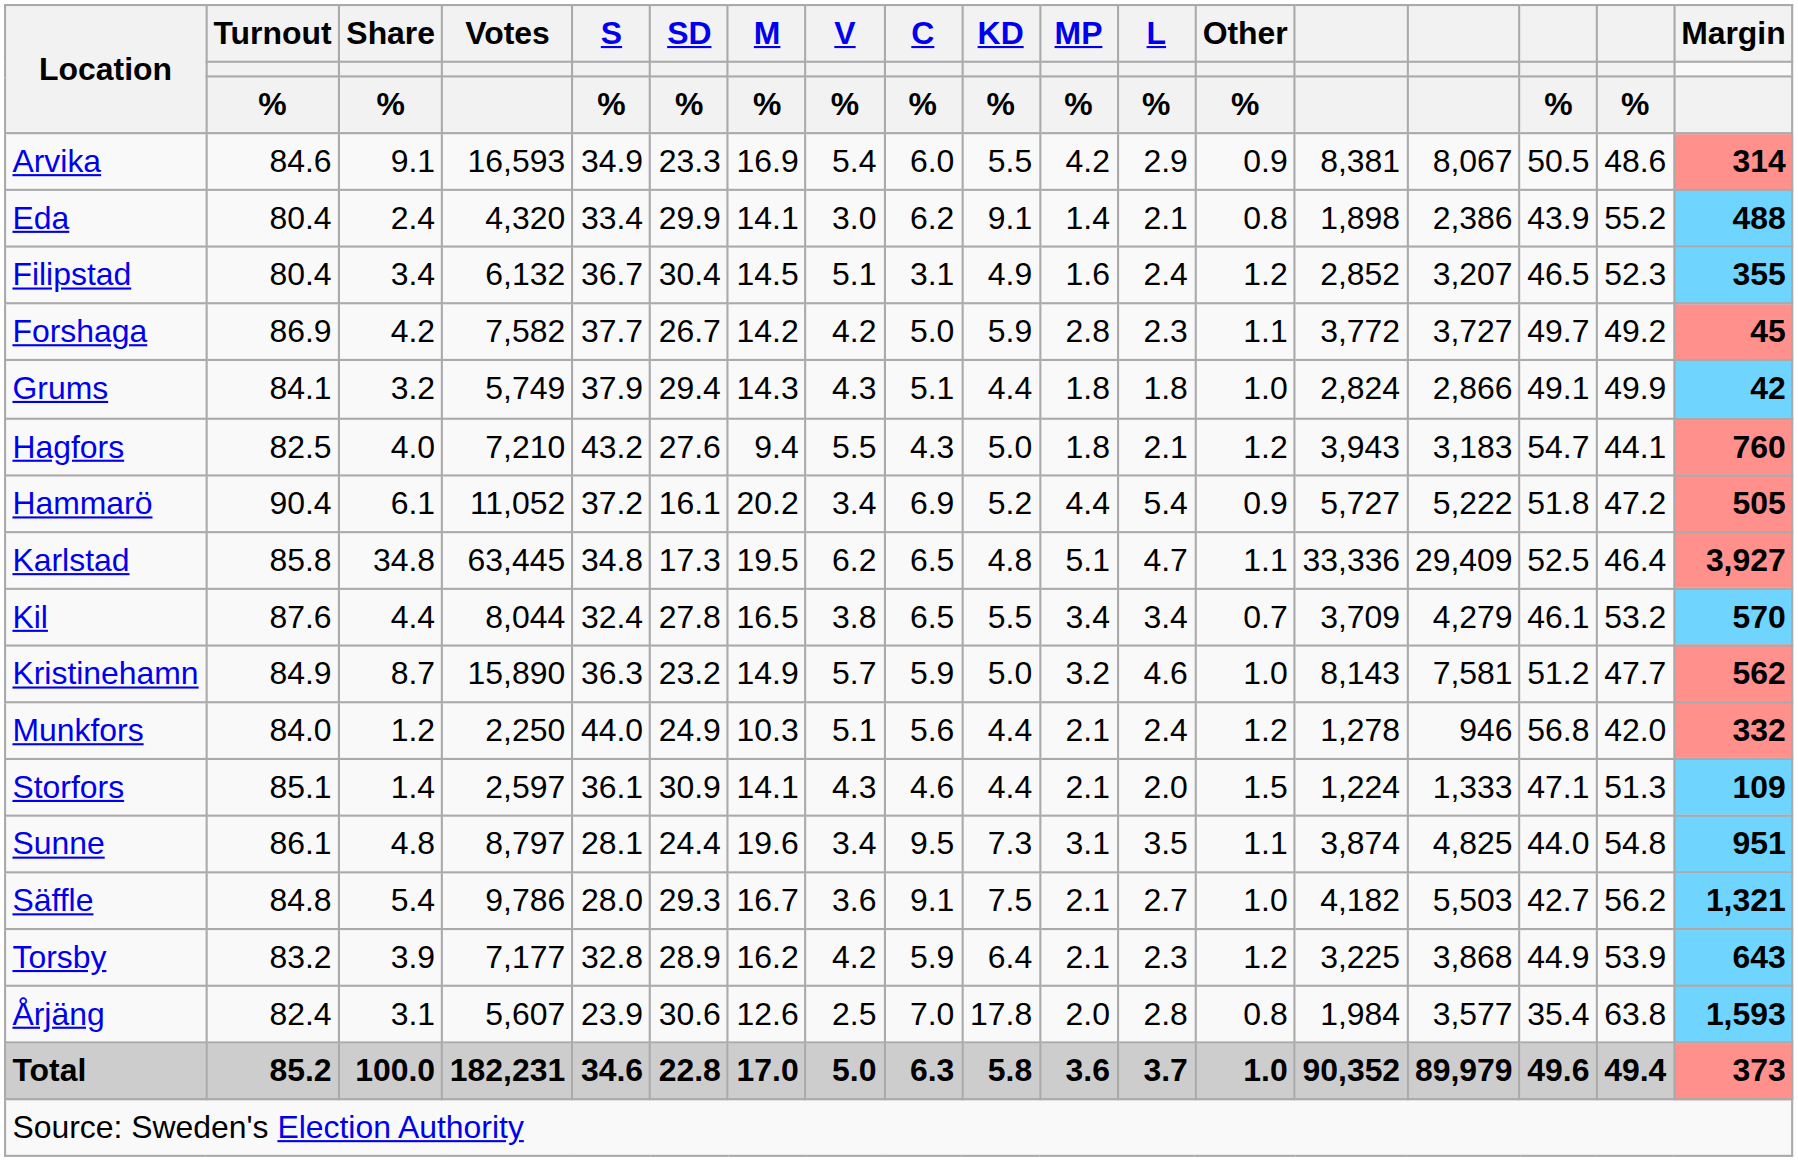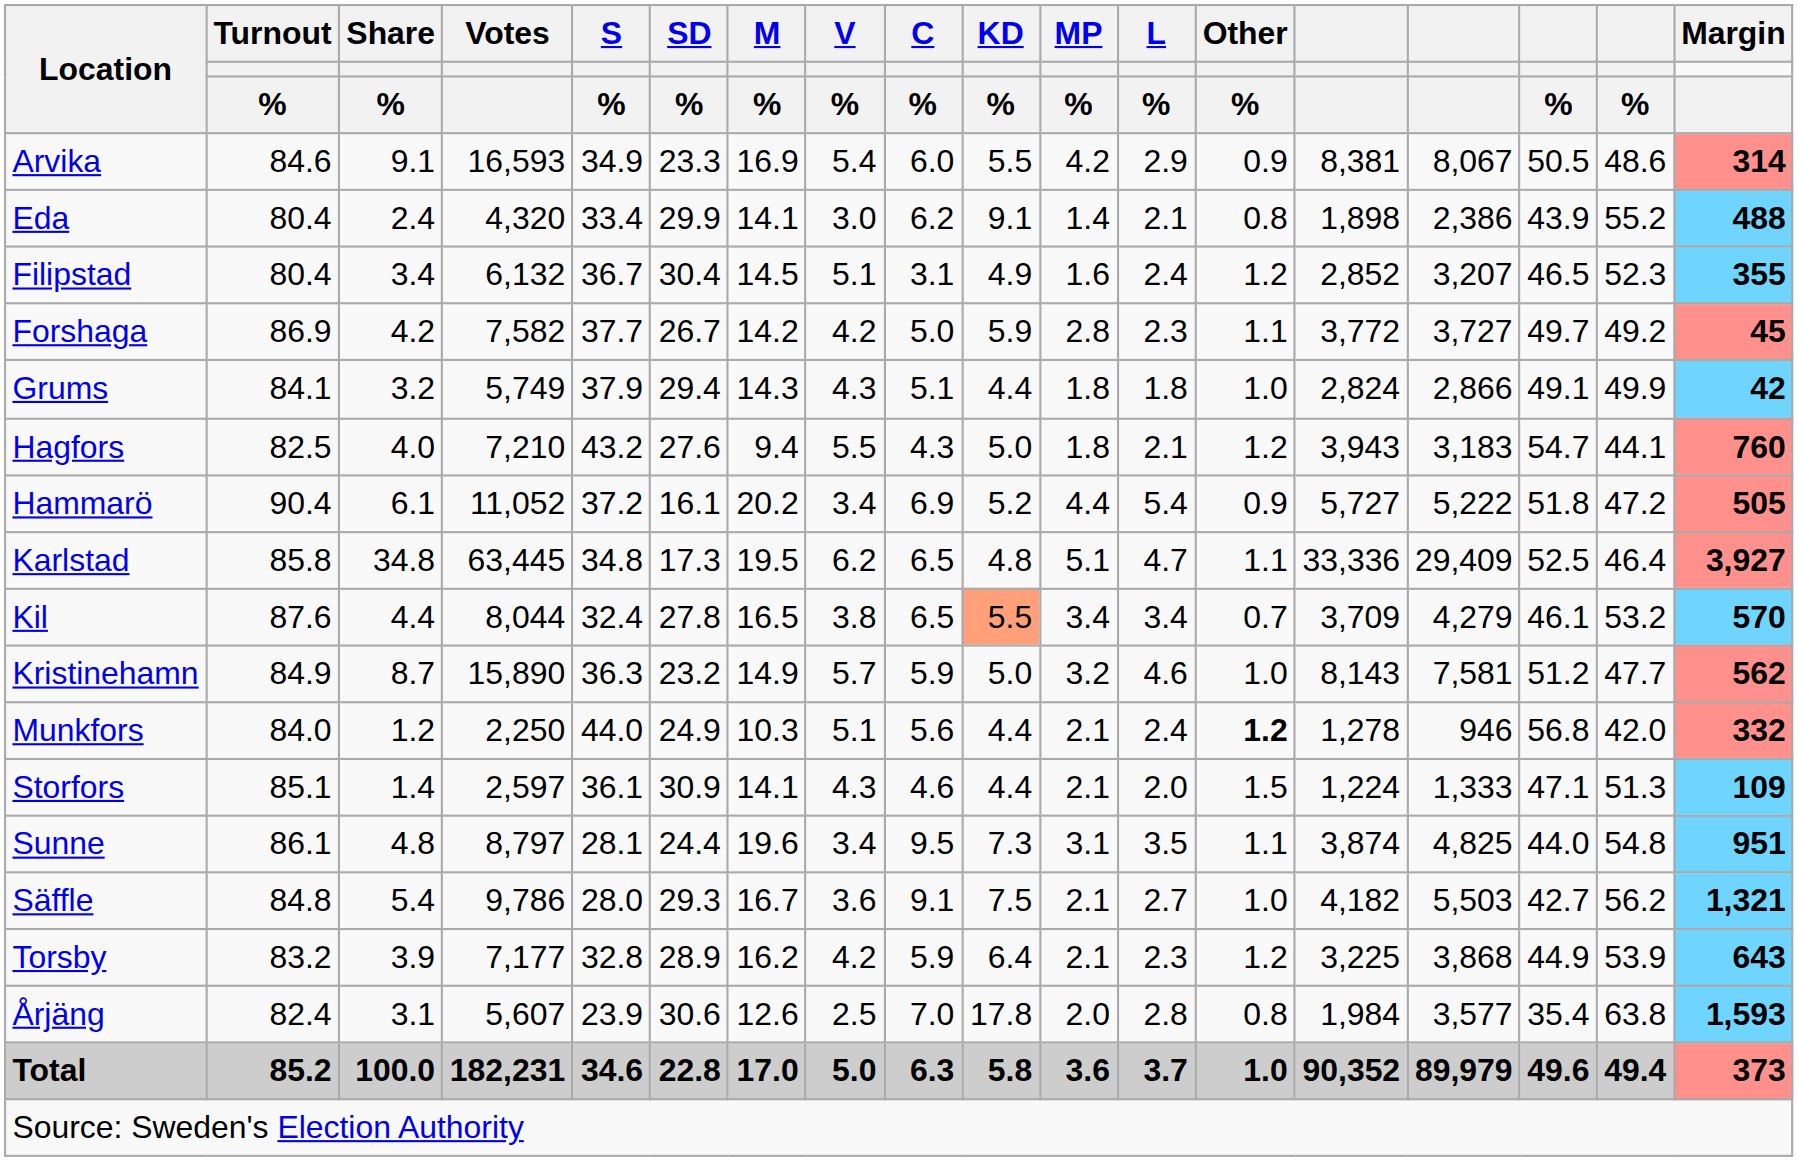 <table class="wikitable sortable" style="text-align:right; font-size:95%; line-height:20px;">
 <tr>
 <th rowspan="3">Location</th>
 <th>Turnout</th>
 <th>Share</th>
 <th>Votes</th>
 <th width="30px" class="unsortable"><a href='#'>S</a></th>
 <th width="30px" class="unsortable"><a href='#'>SD</a></th>
 <th width="30px" class="unsortable"><a href='#'>M</a></th>
 <th width="30px" class="unsortable"><a href='#'>V</a></th>
 <th width="30px" class="unsortable"><a href='#'>C</a></th>
 <th width="30px" class="unsortable"><a href='#'>KD</a></th>
 <th width="30px" class="unsortable"><a href='#'>MP</a></th>
 <th width="30px" class="unsortable"><a href='#'>L</a></th>
 <th width="30px" class="unsortable">Other</th>
 <th></th>
 <th></th>
 <th></th>
 <th></th>
 <th>Margin</th>
 </tr>
 <tr>
 <th></th>
 <th></th>
 <th></th>
 <th style="background:"></th>
 <th style="background:"></th>
 <th style="background:"></th>
 <th style="background:"></th>
 <th style="background:"></th>
 <th style="background:"></th>
 <th style="background:"></th>
 <th style="background:"></th>
 <th style="background:"></th>
 <th style="background:"></th>
 <th style="background:"></th>
 <th style="background:"></th>
 <th style="background:"></th>
 </tr>
 <tr>
 <th data-sort-type="number">%</th>
 <th data-sort-type="number">%</th>
 <th></th>
 <th data-sort-type="number">%</th>
 <th data-sort-type="number">%</th>
 <th data-sort-type="number">%</th>
 <th data-sort-type="number">%</th>
 <th data-sort-type="number">%</th>
 <th data-sort-type="number">%</th>
 <th data-sort-type="number">%</th>
 <th data-sort-type="number">%</th>
 <th data-sort-type="number">%</th>
 <th data-sort-type="number"></th>
 <th data-sort-type="number"></th>
 <th data-sort-type="number">%</th>
 <th data-sort-type="number">%</th>
 <th data-sort-type="number"></th>
 </tr>
 <tr>
 <td align="left"><a href='#'>Arvika</a></td>
 <td>84.6</td>
 <td>9.1</td>
 <td>16,593</td>
 <td>34.9</td>
 <td>23.3</td>
 <td>16.9</td>
 <td>5.4</td>
 <td>6.0</td>
 <td>5.5</td>
 <td>4.2</td>
 <td>2.9</td>
 <td>0.9</td>
 <td>8,381</td>
 <td>8,067</td>
 <td>50.5</td>
 <td>48.6</td>
 <td bgcolor=#ff908c><strong>314</strong></td>
 </tr>
 <tr>
 <td align="left"><a href='#'>Eda</a></td>
 <td>80.4</td>
 <td>2.4</td>
 <td>4,320</td>
 <td>33.4</td>
 <td>29.9</td>
 <td>14.1</td>
 <td>3.0</td>
 <td>6.2</td>
 <td>9.1</td>
 <td>1.4</td>
 <td>2.1</td>
 <td>0.8</td>
 <td>1,898</td>
 <td>2,386</td>
 <td>43.9</td>
 <td>55.2</td>
 <td bgcolor=#6fd5fe><strong>488</strong></td>
 </tr>
 <tr>
 <td align="left"><a href='#'>Filipstad</a></td>
 <td>80.4</td>
 <td>3.4</td>
 <td>6,132</td>
 <td>36.7</td>
 <td>30.4</td>
 <td>14.5</td>
 <td>5.1</td>
 <td>3.1</td>
 <td>4.9</td>
 <td>1.6</td>
 <td>2.4</td>
 <td>1.2</td>
 <td>2,852</td>
 <td>3,207</td>
 <td>46.5</td>
 <td>52.3</td>
 <td bgcolor=#6fd5fe><strong>355</strong></td>
 </tr>
 <tr>
 <td align="left"><a href='#'>Forshaga</a></td>
 <td>86.9</td>
 <td>4.2</td>
 <td>7,582</td>
 <td>37.7</td>
 <td>26.7</td>
 <td>14.2</td>
 <td>4.2</td>
 <td>5.0</td>
 <td>5.9</td>
 <td>2.8</td>
 <td>2.3</td>
 <td>1.1</td>
 <td>3,772</td>
 <td>3,727</td>
 <td>49.7</td>
 <td>49.2</td>
 <td bgcolor=#ff908c><strong>45</strong></td>
 </tr>
 <tr>
 <td align="left"><a href='#'>Grums</a></td>
 <td>84.1</td>
 <td>3.2</td>
 <td>5,749</td>
 <td>37.9</td>
 <td>29.4</td>
 <td>14.3</td>
 <td>4.3</td>
 <td>5.1</td>
 <td>4.4</td>
 <td>1.8</td>
 <td>1.8</td>
 <td>1.0</td>
 <td>2,824</td>
 <td>2,866</td>
 <td>49.1</td>
 <td>49.9</td>
 <td bgcolor=#6fd5fe><strong>42</strong></td>
 </tr>
 <tr>
 <td align="left"><a href='#'>Hagfors</a></td>
 <td>82.5</td>
 <td>4.0</td>
 <td>7,210</td>
 <td>43.2</td>
 <td>27.6</td>
 <td>9.4</td>
 <td>5.5</td>
 <td>4.3</td>
 <td>5.0</td>
 <td>1.8</td>
 <td>2.1</td>
 <td>1.2</td>
 <td>3,943</td>
 <td>3,183</td>
 <td>54.7</td>
 <td>44.1</td>
 <td bgcolor=#ff908c><strong>760</strong></td>
 </tr>
 <tr>
 <td align="left"><a href='#'>Hammarö</a></td>
 <td>90.4</td>
 <td>6.1</td>
 <td>11,052</td>
 <td>37.2</td>
 <td>16.1</td>
 <td>20.2</td>
 <td>3.4</td>
 <td>6.9</td>
 <td>5.2</td>
 <td>4.4</td>
 <td>5.4</td>
 <td>0.9</td>
 <td>5,727</td>
 <td>5,222</td>
 <td>51.8</td>
 <td>47.2</td>
 <td bgcolor=#ff908c><strong>505</strong></td>
 </tr>
 <tr>
 <td align="left"><a href='#'>Karlstad</a></td>
 <td>85.8</td>
 <td>34.8</td>
 <td>63,445</td>
 <td>34.8</td>
 <td>17.3</td>
 <td>19.5</td>
 <td>6.2</td>
 <td>6.5</td>
 <td>4.8</td>
 <td>5.1</td>
 <td>4.7</td>
 <td>1.1</td>
 <td>33,336</td>
 <td>29,409</td>
 <td>52.5</td>
 <td>46.4</td>
 <td bgcolor=#ff908c><strong>3,927</strong></td>
 </tr>
 <tr>
 <td align="left"><a href='#'>Kil</a></td>
 <td>87.6</td>
 <td>4.4</td>
 <td>8,044</td>
 <td>32.4</td>
 <td>27.8</td>
 <td>16.5</td>
 <td>3.8</td>
 <td>6.5</td>
-<td>5.5</td>
+<td style="background: lightsalmon;">5.5</td>
 <td>3.4</td>
 <td>3.4</td>
 <td>0.7</td>
 <td>3,709</td>
 <td>4,279</td>
 <td>46.1</td>
 <td>53.2</td>
 <td bgcolor=#6fd5fe><strong>570</strong></td>
 </tr>
 <tr>
 <td align="left"><a href='#'>Kristinehamn</a></td>
 <td>84.9</td>
 <td>8.7</td>
 <td>15,890</td>
 <td>36.3</td>
 <td>23.2</td>
 <td>14.9</td>
 <td>5.7</td>
 <td>5.9</td>
 <td>5.0</td>
 <td>3.2</td>
 <td>4.6</td>
 <td>1.0</td>
 <td>8,143</td>
 <td>7,581</td>
 <td>51.2</td>
 <td>47.7</td>
 <td bgcolor=#ff908c><strong>562</strong></td>
 </tr>
 <tr>
 <td align="left"><a href='#'>Munkfors</a></td>
 <td>84.0</td>
 <td>1.2</td>
 <td>2,250</td>
 <td>44.0</td>
 <td>24.9</td>
 <td>10.3</td>
 <td>5.1</td>
 <td>5.6</td>
 <td>4.4</td>
 <td>2.1</td>
 <td>2.4</td>
-<td>1.2</td>
+<td><strong>1.2</strong></td>
 <td>1,278</td>
 <td>946</td>
 <td>56.8</td>
 <td>42.0</td>
 <td bgcolor=#ff908c><strong>332</strong></td>
 </tr>
 <tr>
 <td align="left"><a href='#'>Storfors</a></td>
 <td>85.1</td>
 <td>1.4</td>
 <td>2,597</td>
 <td>36.1</td>
 <td>30.9</td>
 <td>14.1</td>
 <td>4.3</td>
 <td>4.6</td>
 <td>4.4</td>
 <td>2.1</td>
 <td>2.0</td>
 <td>1.5</td>
 <td>1,224</td>
 <td>1,333</td>
 <td>47.1</td>
 <td>51.3</td>
 <td bgcolor=#6fd5fe><strong>109</strong></td>
 </tr>
 <tr>
 <td align="left"><a href='#'>Sunne</a></td>
 <td>86.1</td>
 <td>4.8</td>
 <td>8,797</td>
 <td>28.1</td>
 <td>24.4</td>
 <td>19.6</td>
 <td>3.4</td>
 <td>9.5</td>
 <td>7.3</td>
 <td>3.1</td>
 <td>3.5</td>
 <td>1.1</td>
 <td>3,874</td>
 <td>4,825</td>
 <td>44.0</td>
 <td>54.8</td>
 <td bgcolor=#6fd5fe><strong>951</strong></td>
 </tr>
 <tr>
 <td align="left"><a href='#'>Säffle</a></td>
 <td>84.8</td>
 <td>5.4</td>
 <td>9,786</td>
 <td>28.0</td>
 <td>29.3</td>
 <td>16.7</td>
 <td>3.6</td>
 <td>9.1</td>
 <td>7.5</td>
 <td>2.1</td>
 <td>2.7</td>
 <td>1.0</td>
 <td>4,182</td>
 <td>5,503</td>
 <td>42.7</td>
 <td>56.2</td>
 <td bgcolor=#6fd5fe><strong>1,321</strong></td>
 </tr>
 <tr>
 <td align="left"><a href='#'>Torsby</a></td>
 <td>83.2</td>
 <td>3.9</td>
 <td>7,177</td>
 <td>32.8</td>
 <td>28.9</td>
 <td>16.2</td>
 <td>4.2</td>
 <td>5.9</td>
 <td>6.4</td>
 <td>2.1</td>
 <td>2.3</td>
 <td>1.2</td>
 <td>3,225</td>
 <td>3,868</td>
 <td>44.9</td>
 <td>53.9</td>
 <td bgcolor=#6fd5fe><strong>643</strong></td>
 </tr>
 <tr>
 <td align="left"><a href='#'>Årjäng</a></td>
 <td>82.4</td>
 <td>3.1</td>
 <td>5,607</td>
 <td>23.9</td>
 <td>30.6</td>
 <td>12.6</td>
 <td>2.5</td>
 <td>7.0</td>
 <td>17.8</td>
 <td>2.0</td>
 <td>2.8</td>
 <td>0.8</td>
 <td>1,984</td>
 <td>3,577</td>
 <td>35.4</td>
 <td>63.8</td>
 <td bgcolor=#6fd5fe><strong>1,593</strong></td>
 </tr>
 <tr style="background:#CDCDCD;">
 <td align="left"><strong>Total</strong></td>
 <td><strong>85.2</strong></td>
 <td><strong>100.0</strong></td>
 <td><strong>182,231</strong></td>
 <td><strong>34.6</strong></td>
 <td><strong>22.8</strong></td>
 <td><strong>17.0</strong></td>
 <td><strong>5.0</strong></td>
 <td><strong>6.3</strong></td>
 <td><strong>5.8</strong></td>
 <td><strong>3.6</strong></td>
 <td><strong>3.7</strong></td>
 <td><strong>1.0</strong></td>
 <td><strong>90,352</strong></td>
 <td><strong>89,979</strong></td>
 <td><strong>49.6</strong></td>
 <td><strong>49.4</strong></td>
 <td bgcolor=#ff908c><strong>373</strong></td>
 </tr>
 <tr>
 <td colspan="18" align="left">Source: Sweden's <a href='#'>Election Authority</a></td>
 </tr>
 </table>
